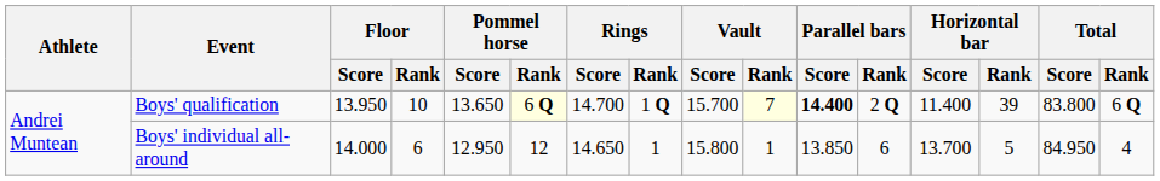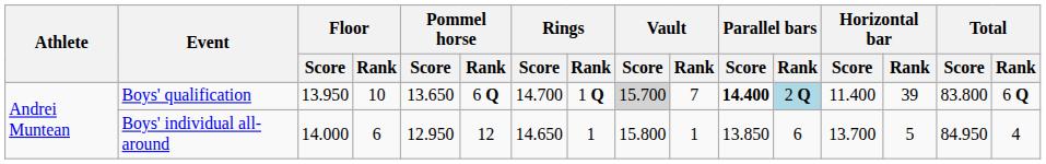 <table class="wikitable" border="1" style="font-size:90%">
 <tr>
 <th rowspan=2>Athlete</th>
 <th rowspan=2>Event</th>
 <th colspan=2>Floor</th>
 <th colspan=2>Pommel horse</th>
 <th colspan=2>Rings</th>
 <th colspan=2>Vault</th>
 <th colspan=2>Parallel bars</th>
 <th colspan=2>Horizontal bar</th>
 <th colspan=2>Total</th>
 </tr>
 <tr>
 <th>Score</th>
 <th>Rank</th>
 <th>Score</th>
 <th>Rank</th>
 <th>Score</th>
 <th>Rank</th>
 <th>Score</th>
 <th>Rank</th>
 <th>Score</th>
 <th>Rank</th>
 <th>Score</th>
 <th>Rank</th>
 <th>Score</th>
 <th>Rank</th>
 </tr>
 <tr>
 <td rowspan=2><a href='#'>Andrei Muntean</a></td>
 <td><a href='#'>Boys' qualification</a></td>
 <td align=center>13.950</td>
 <td align=center>10</td>
 <td align=center>13.650</td>
-<td align=center style="background: lightyellow;">6 <strong>Q</strong></td>
+<td align=center>6 <strong>Q</strong></td>
 <td align=center>14.700</td>
 <td align=center>1 <strong>Q</strong></td>
-<td align=center>15.700</td>
-<td align=center style="background: lightyellow;">7</td>
+<td align=center style="background: lightgrey;">15.700</td>
+<td align=center>7</td>
 <td align=center><strong>14.400</strong></td>
-<td align=center>2 <strong>Q</strong></td>
+<td align=center style="background: lightblue;">2 <strong>Q</strong></td>
 <td align=center>11.400</td>
 <td align=center>39</td>
 <td align=center>83.800</td>
 <td align=center>6 <strong>Q</strong></td>
 </tr>
 <tr>
 <td><a href='#'>Boys' individual all-around</a></td>
 <td align=center>14.000</td>
 <td align=center>6</td>
 <td align=center>12.950</td>
 <td align=center>12</td>
 <td align=center>14.650</td>
 <td align=center>1</td>
 <td align=center>15.800</td>
 <td align=center>1</td>
 <td align=center>13.850</td>
 <td align=center>6</td>
 <td align=center>13.700</td>
 <td align=center>5</td>
 <td align=center>84.950</td>
 <td align=center>4</td>
 </tr>
 </table>
